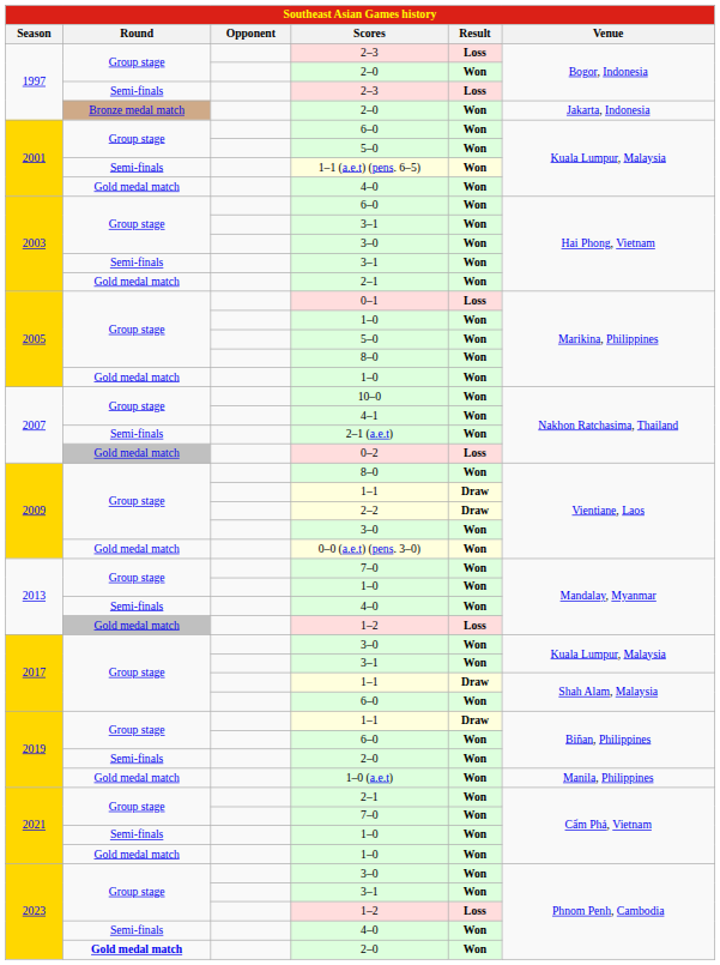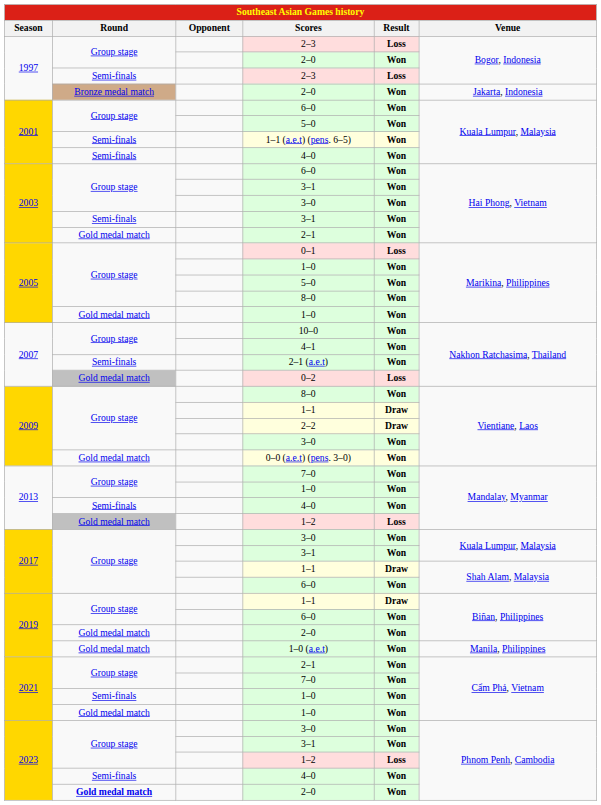 <table class="wikitable collapsible collapsed" style="text-align:center; font-size:90%; width:70%;">
 <tr>
 <th colspan="6" style="background: #DB2017; color: #FFFF00;">Southeast Asian Games history</th>
 </tr>
 <tr>
 <th>Season</th>
 <th>Round</th>
 <th>Opponent</th>
 <th>Scores</th>
 <th>Result</th>
 <th>Venue</th>
 </tr>
 <tr>
 <td rowspan=4><a href='#'>1997</a></td>
 <td rowspan=2><a href='#'>Group stage</a></td>
 <td style="text-align:left"></td>
 <td style="background:#fdd;">2–3</td>
 <td style="background:#fdd;"><strong>Loss</strong></td>
 <td rowspan=3> <a href='#'>Bogor</a>, <a href='#'>Indonesia</a></td>
 </tr>
 <tr>
 <td style="text-align:left"></td>
 <td style="background:#dfd;">2–0</td>
 <td style="background:#dfd;"><strong>Won</strong></td>
 </tr>
 <tr>
 <td rowspan=1><a href='#'>Semi-finals</a></td>
 <td style="text-align:left"></td>
 <td style="background:#fdd;">2–3</td>
 <td style="background:#fdd;"><strong>Loss</strong></td>
 </tr>
 <tr>
 <td rowspan=1 style="background:#CFAA88;"><a href='#'>Bronze medal match</a></td>
 <td style="text-align:left"></td>
 <td style="background:#dfd;">2–0</td>
 <td style="background:#dfd;"><strong>Won</strong></td>
 <td> <a href='#'>Jakarta</a>, <a href='#'>Indonesia</a></td>
 </tr>
 <tr>
 <td rowspan=4 style="background:gold;"><a href='#'>2001</a></td>
 <td rowspan=2><a href='#'>Group stage</a></td>
 <td style="text-align:left"></td>
 <td style="background:#dfd;">6–0</td>
 <td style="background:#dfd;"><strong>Won</strong></td>
 <td rowspan=4> <a href='#'>Kuala Lumpur</a>, <a href='#'>Malaysia</a></td>
 </tr>
 <tr>
 <td style="text-align:left"></td>
 <td style="background:#dfd;">5–0</td>
 <td style="background:#dfd;"><strong>Won</strong></td>
 </tr>
 <tr>
 <td rowspan=1><a href='#'>Semi-finals</a></td>
 <td style="text-align:left"></td>
 <td style="background:#ffd;">1–1 (<a href='#'>a.e.t</a>) (<a href='#'>pens</a>. 6–5)</td>
 <td style="background:#ffd;"><strong>Won</strong></td>
 </tr>
 <tr>
-<td rowspan=1><a href='#'>Gold medal match</a></td>
+<td rowspan=1><a href='#'>Semi-finals</a></td>
 <td style="text-align:left"></td>
 <td style="background:#dfd;">4–0</td>
 <td style="background:#dfd;"><strong>Won</strong></td>
 </tr>
 <tr>
 <td rowspan=5 style="background:gold;"><a href='#'>2003</a></td>
 <td rowspan=3><a href='#'>Group stage</a></td>
 <td style="text-align:left"></td>
 <td style="background:#dfd;">6–0</td>
 <td style="background:#dfd;"><strong>Won</strong></td>
 <td rowspan=5> <a href='#'>Hai Phong</a>, <a href='#'>Vietnam</a></td>
 </tr>
 <tr>
 <td style="text-align:left"></td>
 <td style="background:#dfd;">3–1</td>
 <td style="background:#dfd;"><strong>Won</strong></td>
 </tr>
 <tr>
 <td style="text-align:left"></td>
 <td style="background:#dfd;">3–0</td>
 <td style="background:#dfd;"><strong>Won</strong></td>
 </tr>
 <tr>
 <td rowspan=1><a href='#'>Semi-finals</a></td>
 <td style="text-align:left"></td>
 <td style="background:#dfd;">3–1</td>
 <td style="background:#dfd;"><strong>Won</strong></td>
 </tr>
 <tr>
 <td rowspan=1><a href='#'>Gold medal match</a></td>
 <td style="text-align:left"></td>
 <td style="background:#dfd;">2–1</td>
 <td style="background:#dfd;"><strong>Won</strong></td>
 </tr>
 <tr>
 <td rowspan=5 style="background:gold;"><a href='#'>2005</a></td>
 <td rowspan=4><a href='#'>Group stage</a></td>
 <td style="text-align:left"></td>
 <td style="background:#fdd;">0–1</td>
 <td style="background:#fdd;"><strong>Loss</strong></td>
 <td rowspan=5> <a href='#'>Marikina</a>, <a href='#'>Philippines</a></td>
 </tr>
 <tr>
 <td style="text-align:left"></td>
 <td style="background:#dfd;">1–0</td>
 <td style="background:#dfd;"><strong>Won</strong></td>
 </tr>
 <tr>
 <td style="text-align:left"></td>
 <td style="background:#dfd;">5–0</td>
 <td style="background:#dfd;"><strong>Won</strong></td>
 </tr>
 <tr>
 <td style="text-align:left"></td>
 <td style="background:#dfd;">8–0</td>
 <td style="background:#dfd;"><strong>Won</strong></td>
 </tr>
 <tr>
 <td rowspan=1><a href='#'>Gold medal match</a></td>
 <td style="text-align:left"></td>
 <td style="background:#dfd;">1–0</td>
 <td style="background:#dfd;"><strong>Won</strong></td>
 </tr>
 <tr>
 <td rowspan=4><a href='#'>2007</a></td>
 <td rowspan=2><a href='#'>Group stage</a></td>
 <td style="text-align:left"></td>
 <td style="background:#dfd;">10–0</td>
 <td style="background:#dfd;"><strong>Won</strong></td>
 <td rowspan=4> <a href='#'>Nakhon Ratchasima</a>, <a href='#'>Thailand</a></td>
 </tr>
 <tr>
 <td style="text-align:left"></td>
 <td style="background:#dfd;">4–1</td>
 <td style="background:#dfd;"><strong>Won</strong></td>
 </tr>
 <tr>
 <td rowspan=1><a href='#'>Semi-finals</a></td>
 <td style="text-align:left"></td>
 <td style="background:#dfd;">2–1 (<a href='#'>a.e.t</a>)</td>
 <td style="background:#dfd;"><strong>Won</strong></td>
 </tr>
 <tr>
 <td rowspan=1 style="background:silver;"><a href='#'>Gold medal match</a></td>
 <td style="text-align:left"></td>
 <td style="background:#fdd;">0–2</td>
 <td style="background:#fdd;"><strong>Loss</strong></td>
 </tr>
 <tr>
 <td rowspan=5 style="background:gold;"><a href='#'>2009</a></td>
 <td rowspan=4><a href='#'>Group stage</a></td>
 <td style="text-align:left"></td>
 <td style="background:#dfd;">8–0</td>
 <td style="background:#dfd;"><strong>Won</strong></td>
 <td rowspan=5> <a href='#'>Vientiane</a>, <a href='#'>Laos</a></td>
 </tr>
 <tr>
 <td style="text-align:left"></td>
 <td style="background:#ffd;">1–1</td>
 <td style="background:#ffd;"><strong>Draw</strong></td>
 </tr>
 <tr>
 <td style="text-align:left"></td>
 <td style="background:#ffd;">2–2</td>
 <td style="background:#ffd;"><strong>Draw</strong></td>
 </tr>
 <tr>
 <td style="text-align:left"></td>
 <td style="background:#dfd;">3–0</td>
 <td style="background:#dfd;"><strong>Won</strong></td>
 </tr>
 <tr>
 <td rowspan=1><a href='#'>Gold medal match</a></td>
 <td style="text-align:left"></td>
 <td style="background:#ffd;">0–0 (<a href='#'>a.e.t</a>) (<a href='#'>pens</a>. 3–0)</td>
 <td style="background:#ffd;"><strong>Won</strong></td>
 </tr>
 <tr>
 <td rowspan=4><a href='#'>2013</a></td>
 <td rowspan=2><a href='#'>Group stage</a></td>
 <td style="text-align:left"></td>
 <td style="background:#dfd;">7–0</td>
 <td style="background:#dfd;"><strong>Won</strong></td>
 <td rowspan=4> <a href='#'>Mandalay</a>, <a href='#'>Myanmar</a></td>
 </tr>
 <tr>
 <td style="text-align:left"></td>
 <td style="background:#dfd;">1–0</td>
 <td style="background:#dfd;"><strong>Won</strong></td>
 </tr>
 <tr>
 <td rowspan=1><a href='#'>Semi-finals</a></td>
 <td style="text-align:left"></td>
 <td style="background:#dfd;">4–0</td>
 <td style="background:#dfd;"><strong>Won</strong></td>
 </tr>
 <tr>
 <td rowspan=1 style="background:silver;"><a href='#'>Gold medal match</a></td>
 <td style="text-align:left"></td>
 <td style="background:#fdd;">1–2</td>
 <td style="background:#fdd;"><strong>Loss</strong></td>
 </tr>
 <tr>
 <td rowspan=4 style="background:gold;"><a href='#'>2017</a></td>
 <td rowspan=4><a href='#'>Group stage</a></td>
 <td style="text-align:left"></td>
 <td style="background:#dfd;">3–0</td>
 <td style="background:#dfd;"><strong>Won</strong></td>
 <td rowspan=2> <a href='#'>Kuala Lumpur</a>, <a href='#'>Malaysia</a></td>
 </tr>
 <tr>
 <td style="text-align:left"></td>
 <td style="background:#dfd;">3–1</td>
 <td style="background:#dfd;"><strong>Won</strong></td>
 </tr>
 <tr>
 <td style="text-align:left"></td>
 <td style="background:#ffd;">1–1</td>
 <td style="background:#ffd;"><strong>Draw</strong></td>
 <td rowspan=2> <a href='#'>Shah Alam</a>, <a href='#'>Malaysia</a></td>
 </tr>
 <tr>
 <td style="text-align:left"></td>
 <td style="background:#dfd;">6–0</td>
 <td style="background:#dfd;"><strong>Won</strong></td>
 </tr>
 <tr>
 <td rowspan=4 style="background:gold;"><a href='#'>2019</a></td>
 <td rowspan=2><a href='#'>Group stage</a></td>
 <td style="text-align:left"></td>
 <td style="background:#ffd;">1–1</td>
 <td style="background:#ffd;"><strong>Draw</strong></td>
 <td rowspan=3> <a href='#'>Biñan</a>, <a href='#'>Philippines</a></td>
 </tr>
 <tr>
 <td style="text-align:left"></td>
 <td style="background:#dfd;">6–0</td>
 <td style="background:#dfd;"><strong>Won</strong></td>
 </tr>
 <tr>
-<td rowspan=1><a href='#'>Semi-finals</a></td>
+<td rowspan=1><a href='#'>Gold medal match</a></td>
 <td style="text-align:left"></td>
 <td style="background:#dfd;">2–0</td>
 <td style="background:#dfd;"><strong>Won</strong></td>
 </tr>
 <tr>
 <td rowspan=1><a href='#'>Gold medal match</a></td>
 <td style="text-align:left"></td>
 <td style="background:#dfd;">1–0 (<a href='#'>a.e.t</a>)</td>
 <td style="background:#dfd;"><strong>Won</strong></td>
 <td> <a href='#'>Manila</a>, <a href='#'>Philippines</a></td>
 </tr>
 <tr>
 <td rowspan=4 style="background:gold;"><a href='#'>2021</a></td>
 <td rowspan=2><a href='#'>Group stage</a></td>
 <td style="text-align:left"></td>
 <td style="background:#dfd;">2–1</td>
 <td style="background:#dfd;"><strong>Won</strong></td>
 <td rowspan=4> <a href='#'>Cẩm Phả</a>, <a href='#'>Vietnam</a></td>
 </tr>
 <tr>
 <td style="text-align:left"></td>
 <td style="background:#dfd;">7–0</td>
 <td style="background:#dfd;"><strong>Won</strong></td>
 </tr>
 <tr>
 <td rowspan=1><a href='#'>Semi-finals</a></td>
 <td style="text-align:left"></td>
 <td style="background:#dfd;">1–0</td>
 <td style="background:#dfd;"><strong>Won</strong></td>
 </tr>
 <tr>
 <td rowspan=1><a href='#'>Gold medal match</a></td>
 <td style="text-align:left"></td>
 <td style="background:#dfd;">1–0</td>
 <td style="background:#dfd;"><strong>Won</strong></td>
 </tr>
 <tr>
 <td rowspan=5 style="background:gold;"><a href='#'>2023</a></td>
 <td rowspan=3><a href='#'>Group stage</a></td>
 <td style="text-align:left"></td>
 <td style="background:#dfd;">3–0</td>
 <td style="background:#dfd;"><strong>Won</strong></td>
 <td rowspan=5> <a href='#'>Phnom Penh</a>, <a href='#'>Cambodia</a></td>
 </tr>
 <tr>
 <td style="text-align:left"></td>
 <td style="background:#dfd;">3–1</td>
 <td style="background:#dfd;"><strong>Won</strong></td>
 </tr>
 <tr>
 <td style="text-align:left"></td>
 <td style="background:#fdd;">1–2</td>
 <td style="background:#fdd;"><strong>Loss</strong></td>
 </tr>
 <tr>
 <td rowspan=1><a href='#'>Semi-finals</a></td>
 <td style="text-align:left"></td>
 <td style="background:#dfd;">4–0</td>
 <td style="background:#dfd;"><strong>Won</strong></td>
 </tr>
 <tr>
 <td rowspan=1><strong><a href='#'>Gold medal match</a></strong></td>
 <td style="text-align:left"></td>
 <td style="background:#dfd;">2–0</td>
 <td style="background:#dfd;"><strong>Won</strong></td>
 </tr>
 </table>
